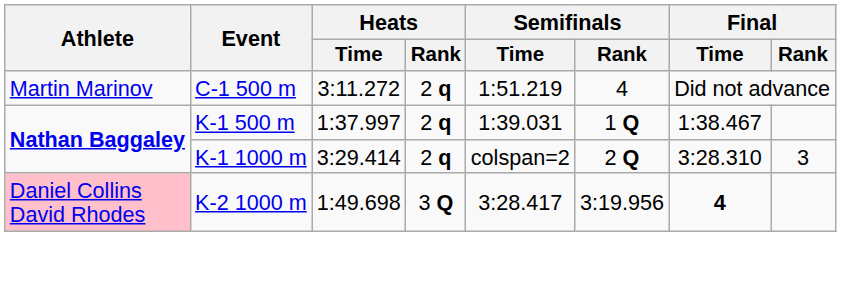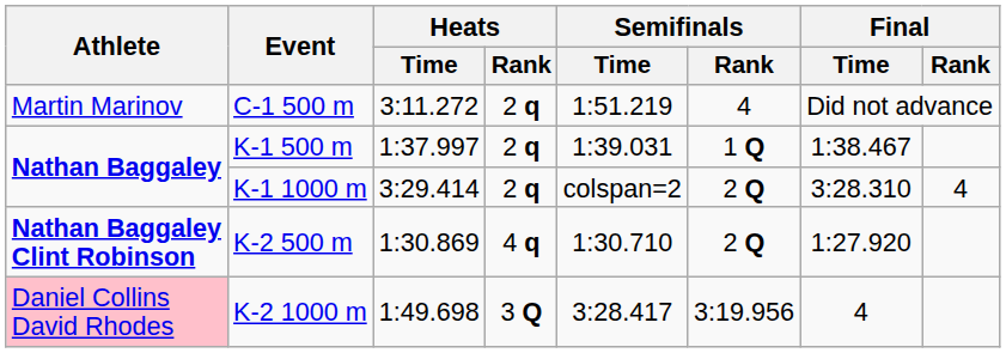 <table class="wikitable" style="font-size:90%">
 <tr>
 <th rowspan=2>Athlete</th>
 <th rowspan=2>Event</th>
 <th colspan=2>Heats</th>
 <th colspan=2>Semifinals</th>
 <th colspan=2>Final</th>
 </tr>
 <tr style="font-size:95%">
 <th>Time</th>
 <th>Rank</th>
 <th>Time</th>
 <th>Rank</th>
 <th>Time</th>
 <th>Rank</th>
 </tr>
 <tr align=center>
 <td align=left><a href='#'>Martin Marinov</a></td>
 <td align=left><a href='#'>C-1 500 m</a></td>
 <td>3:11.272</td>
 <td>2 <strong>q</strong></td>
 <td>1:51.219</td>
 <td>4</td>
 <td colspan=2>Did not advance</td>
 </tr>
 <tr align=center>
 <td align=left rowspan=2><strong><a href='#'>Nathan Baggaley</a></strong></td>
 <td align=left><a href='#'>K-1 500 m</a></td>
 <td>1:37.997</td>
 <td>2 <strong>q</strong></td>
 <td>1:39.031</td>
 <td>1 <strong>Q</strong></td>
 <td>1:38.467</td>
 <td></td>
 </tr>
 <tr align=center>
 <td align=left><a href='#'>K-1 1000 m</a></td>
 <td>3:29.414</td>
 <td>2 <strong>q</strong></td>
 <td>colspan=2 </td>
 <td>2 <strong>Q</strong></td>
 <td>3:28.310</td>
-<td>3</td>
+<td>4</td>
+</tr>
+<tr align=center>
+<td align=left><strong><a href='#'>Nathan Baggaley</a><br><a href='#'>Clint Robinson</a></strong></td>
+<td align=left><a href='#'>K-2 500 m</a></td>
+<td>1:30.869</td>
+<td>4 <strong>q</strong></td>
+<td>1:30.710</td>
+<td>2 <strong>Q</strong></td>
+<td>1:27.920</td>
+<td></td>
 </tr>
 <tr align=center>
 <td align=left style="background: pink;"><a href='#'>Daniel Collins</a><br><a href='#'>David Rhodes</a></td>
 <td align=left><a href='#'>K-2 1000 m</a></td>
 <td>1:49.698</td>
 <td>3 <strong>Q</strong></td>
 <td>3:28.417</td>
 <td>3:19.956</td>
-<td><strong>4</strong></td>
+<td>4</td>
 </tr>
 </table>
